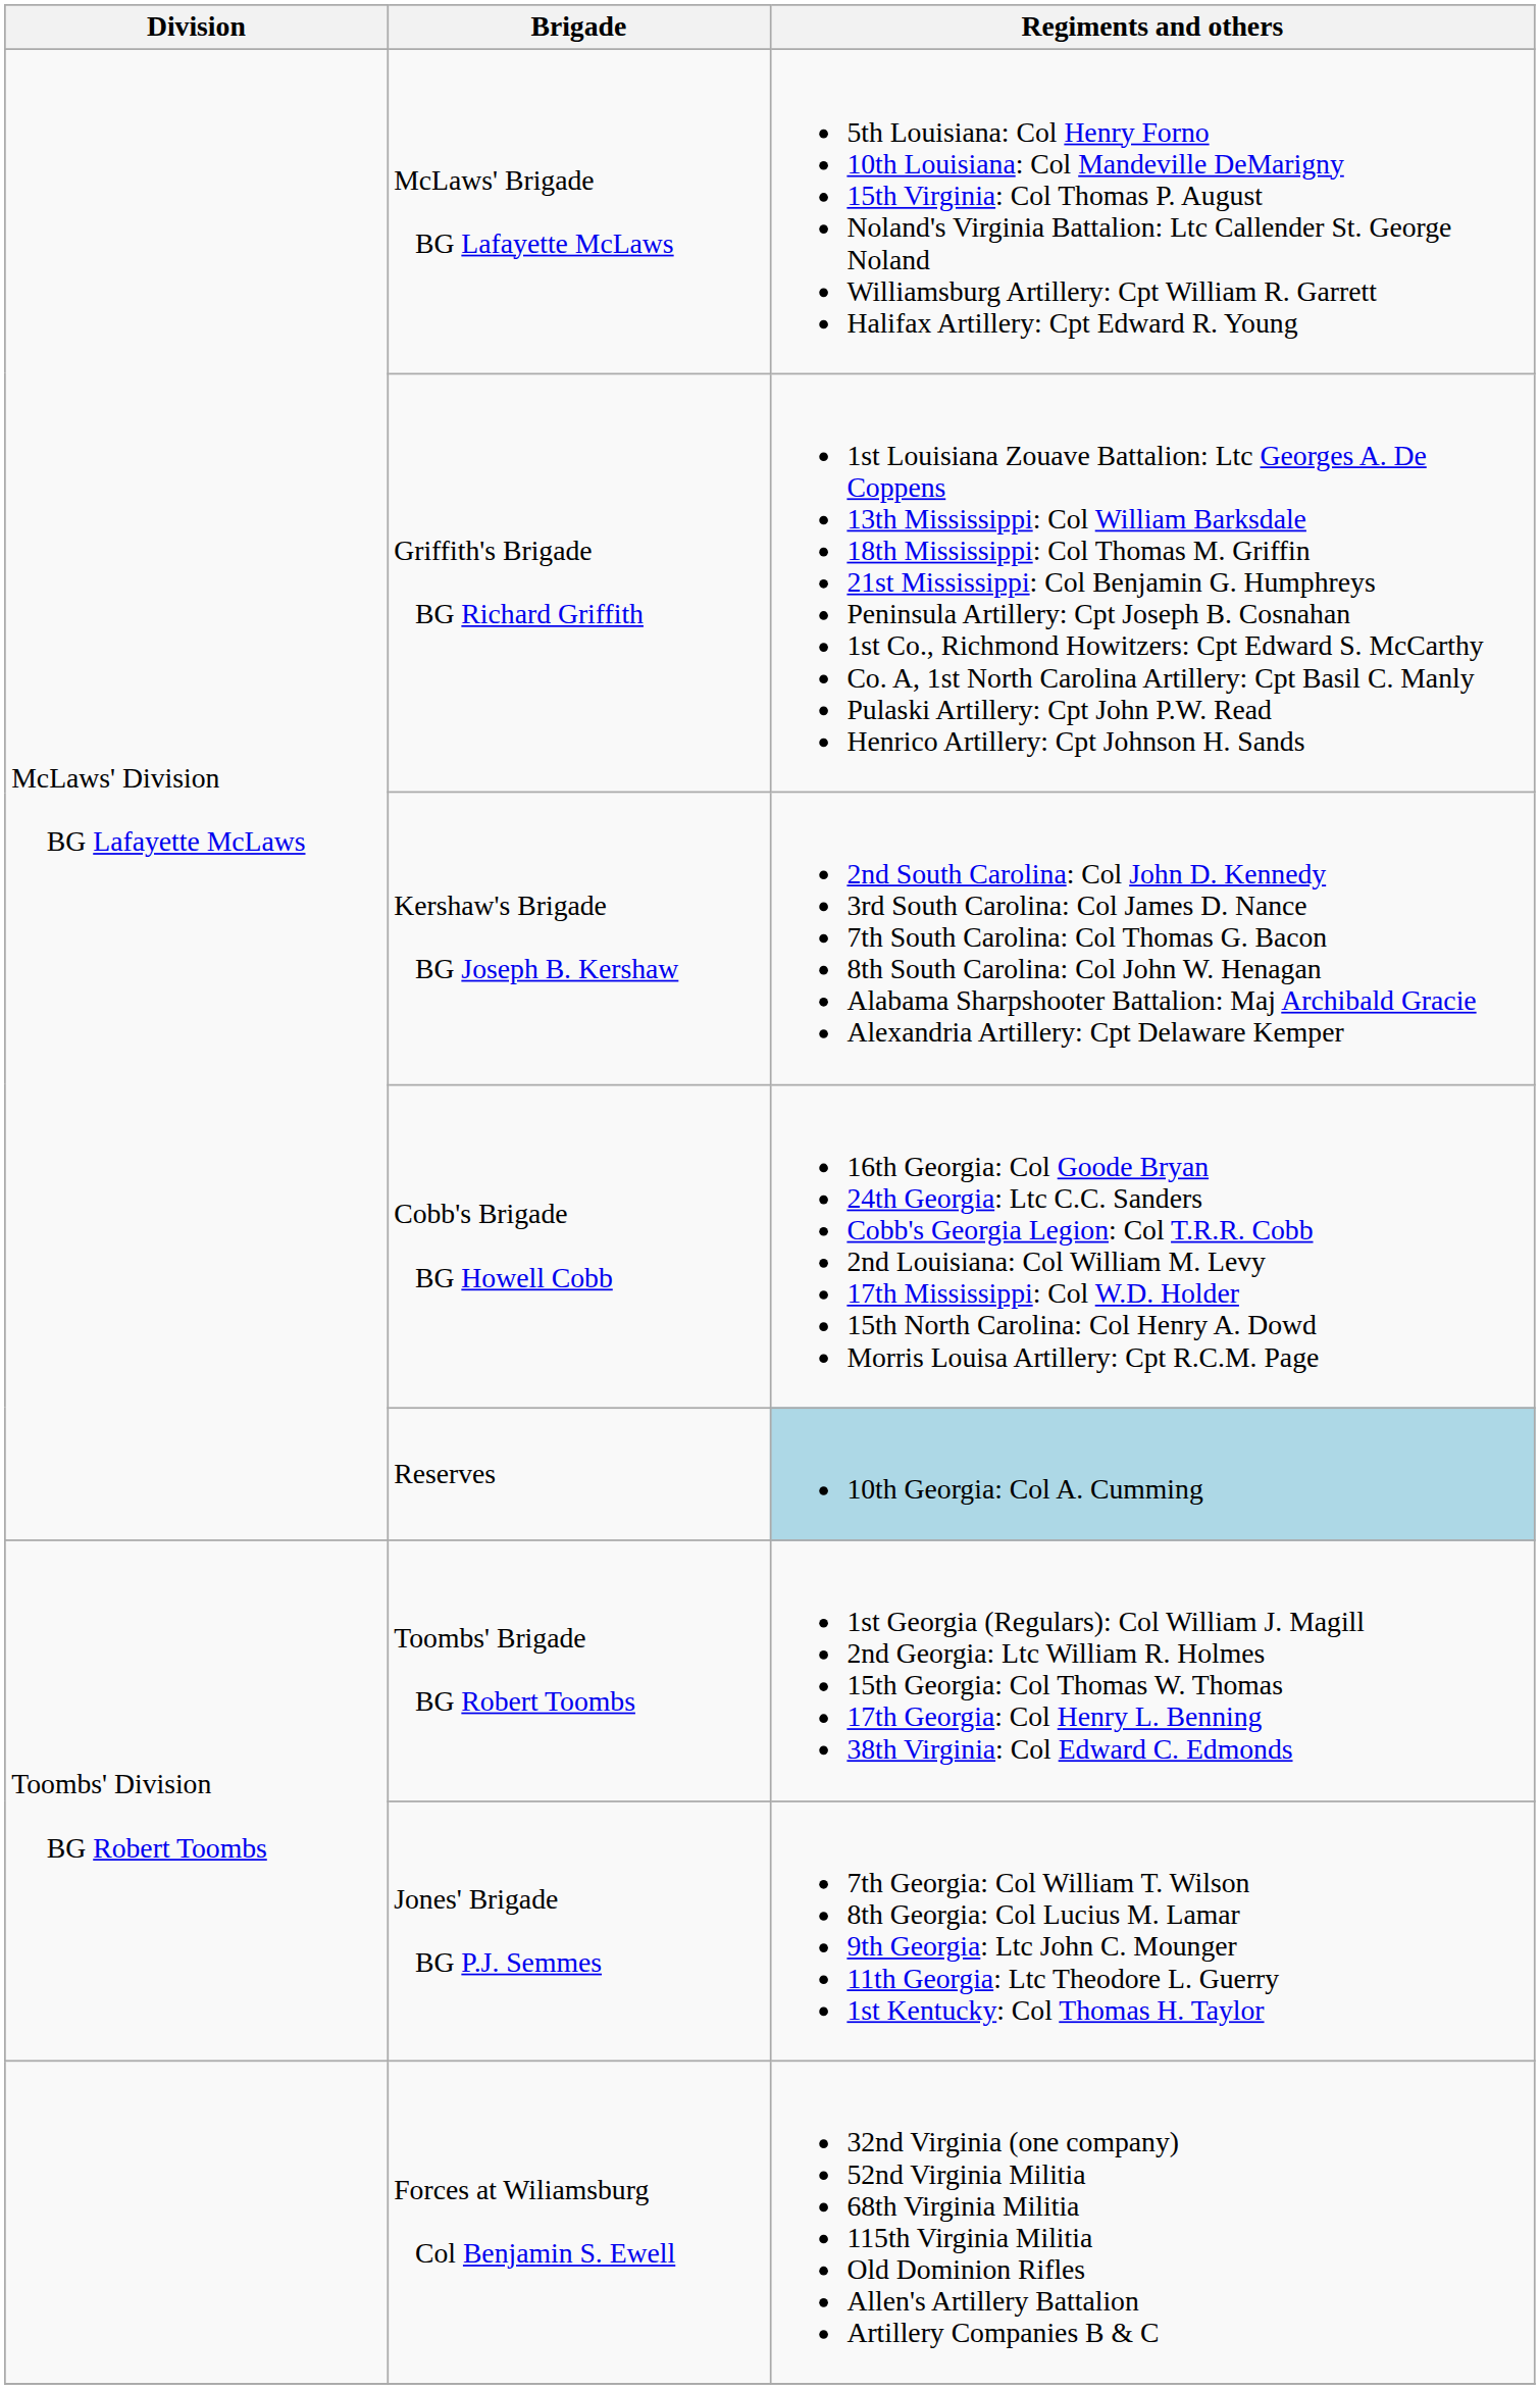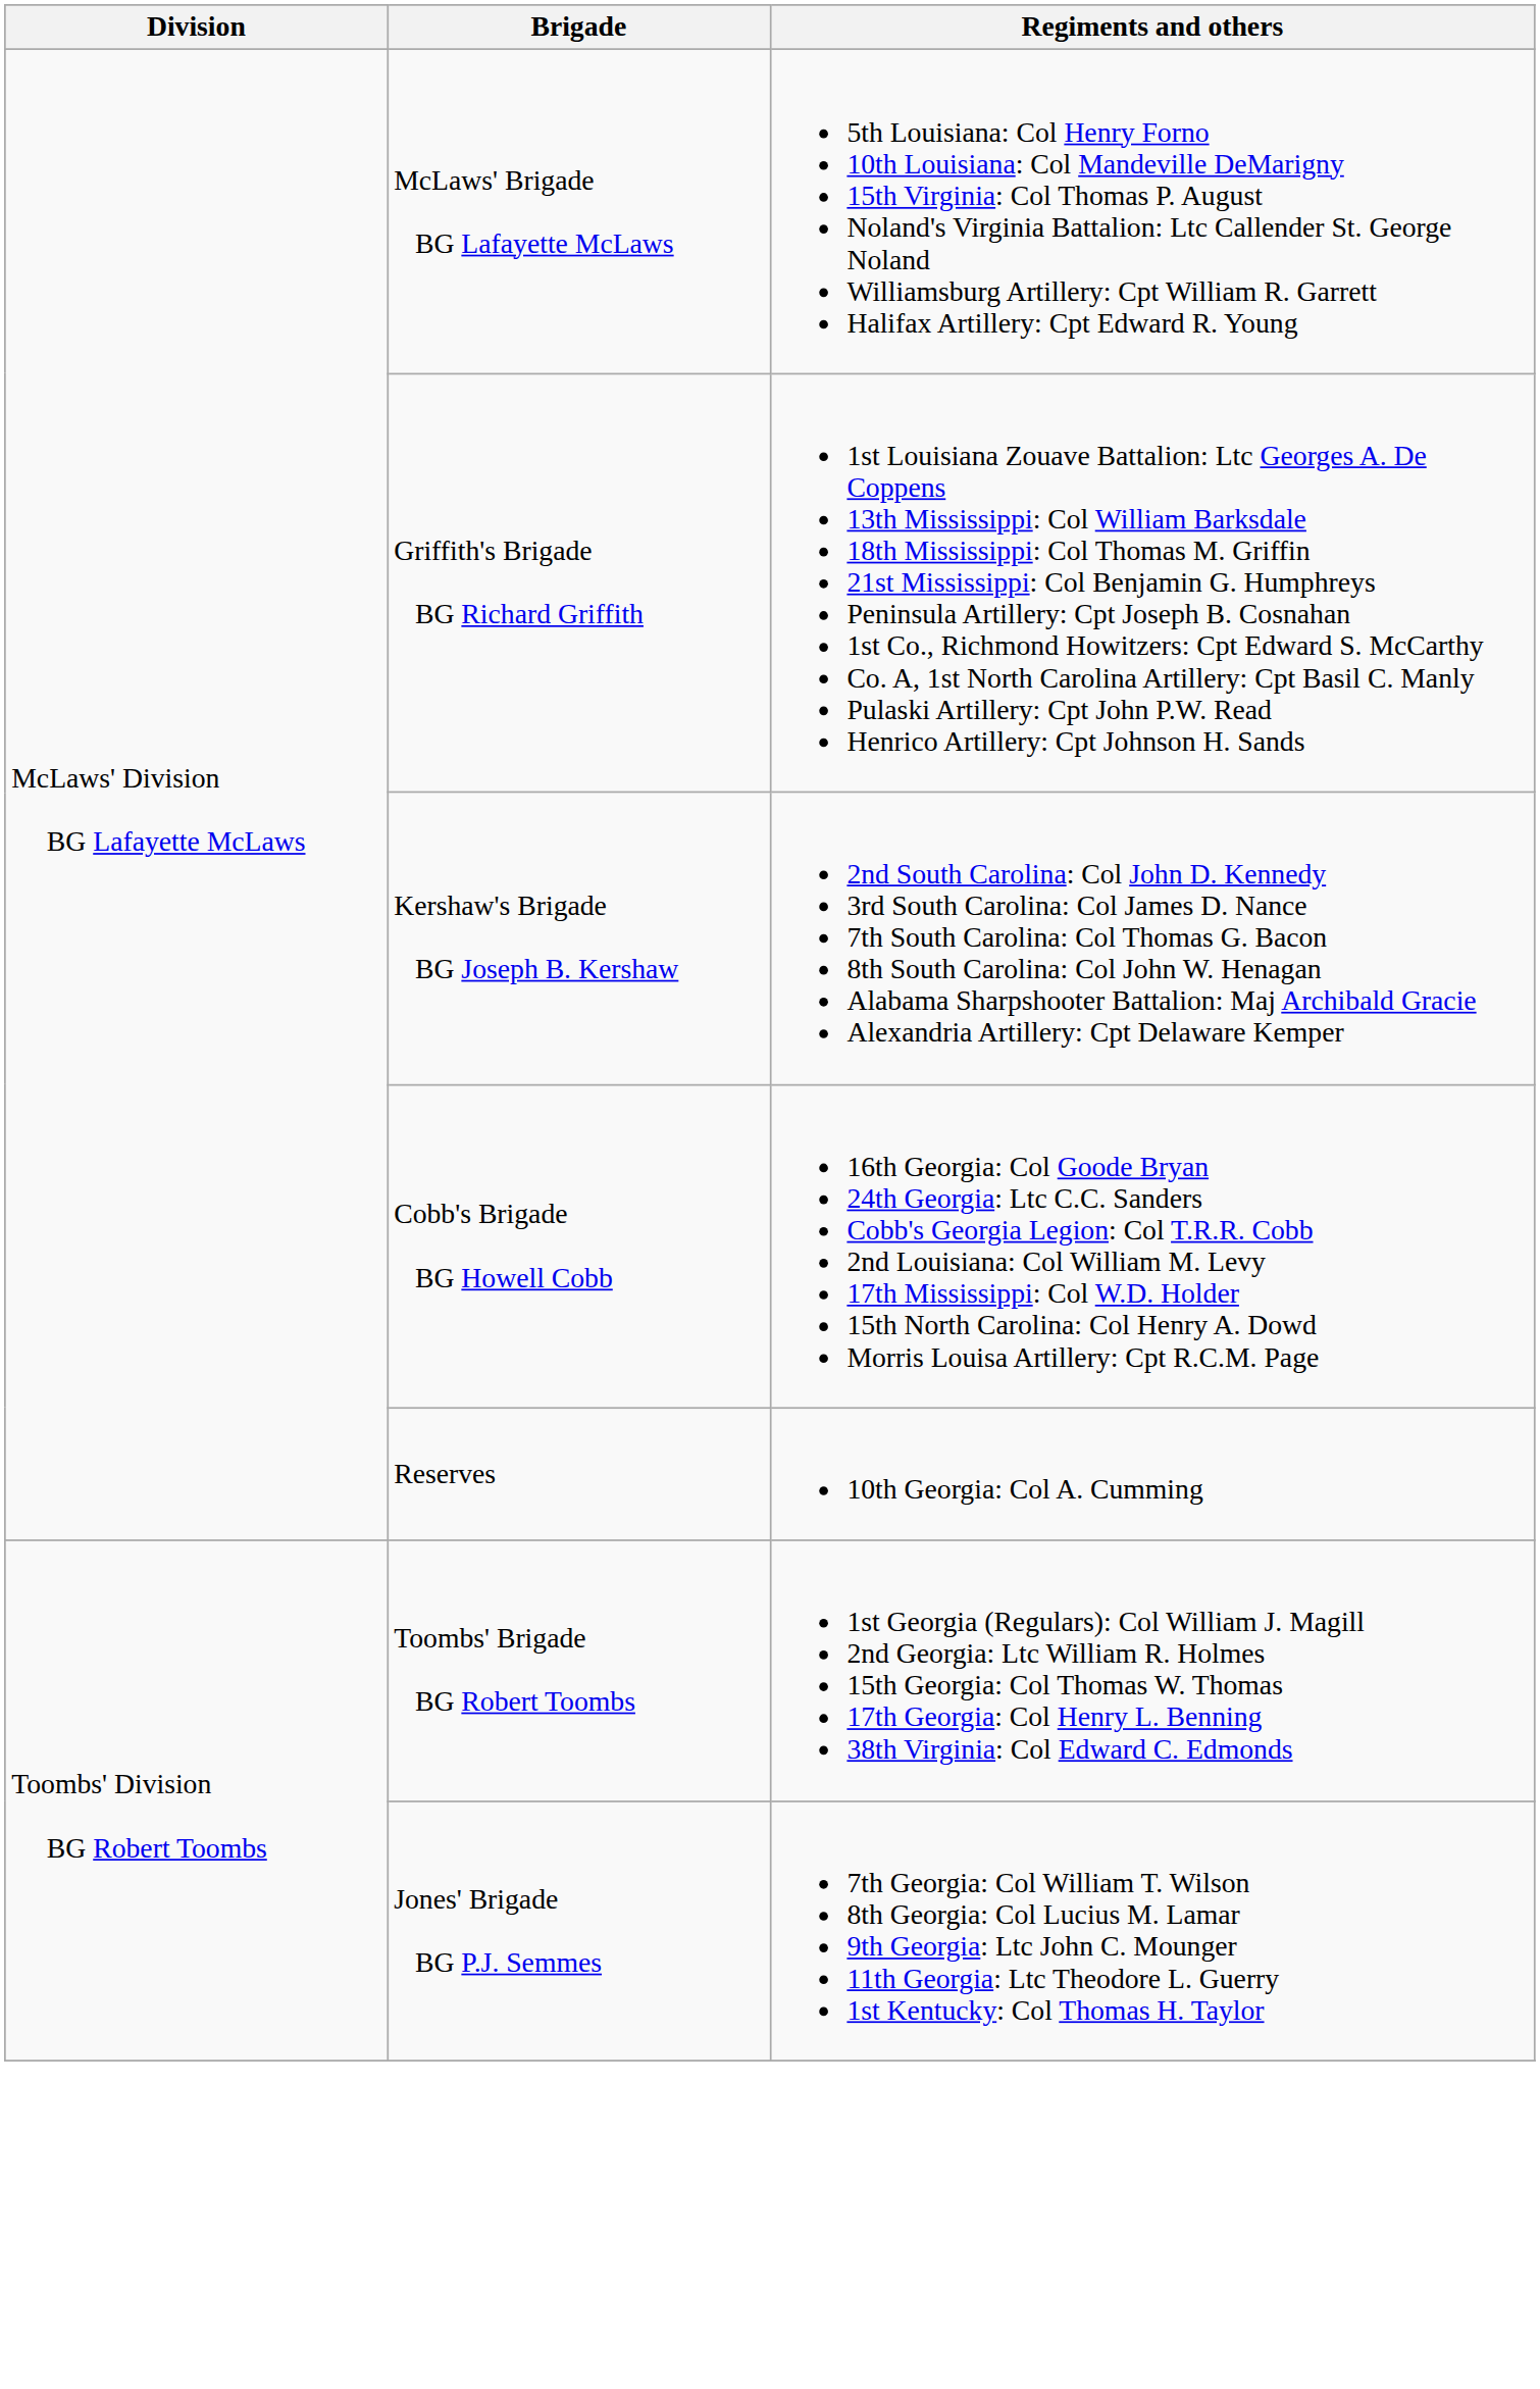 <table class="wikitable">
 <tr>
 <th width=25%>Division</th>
 <th width=25%>Brigade</th>
 <th>Regiments and others</th>
 </tr>
 <tr>
 <td rowspan=5><br>McLaws' Division<br><br>     BG <a href='#'>Lafayette McLaws</a></td>
 <td>McLaws' Brigade<br><br>   BG <a href='#'>Lafayette McLaws</a></td>
 <td><br><ul><li>5th Louisiana: Col <a href='#'>Henry Forno</a></li><li><a href='#'>10th Louisiana</a>: Col <a href='#'>Mandeville DeMarigny</a></li><li><a href='#'>15th Virginia</a>: Col Thomas P. August</li><li>Noland's Virginia Battalion: Ltc Callender St. George Noland</li><li>Williamsburg Artillery: Cpt William R. Garrett</li><li>Halifax Artillery: Cpt Edward R. Young</li></ul></td>
 </tr>
 <tr>
 <td>Griffith's Brigade<br><br>   BG <a href='#'>Richard Griffith</a></td>
 <td><br><ul><li>1st Louisiana Zouave Battalion: Ltc <a href='#'>Georges A. De Coppens</a></li><li><a href='#'>13th Mississippi</a>: Col <a href='#'>William Barksdale</a></li><li><a href='#'>18th Mississippi</a>: Col Thomas M. Griffin</li><li><a href='#'>21st Mississippi</a>: Col Benjamin G. Humphreys</li><li>Peninsula Artillery: Cpt Joseph B. Cosnahan</li><li>1st Co., Richmond Howitzers: Cpt Edward S. McCarthy</li><li>Co. A, 1st North Carolina Artillery: Cpt Basil C. Manly</li><li>Pulaski Artillery: Cpt John P.W. Read</li><li>Henrico Artillery: Cpt Johnson H. Sands</li></ul></td>
 </tr>
 <tr>
 <td>Kershaw's Brigade<br><br>   BG <a href='#'>Joseph B. Kershaw</a></td>
 <td><br><ul><li><a href='#'>2nd South Carolina</a>: Col <a href='#'>John D. Kennedy</a></li><li>3rd South Carolina: Col James D. Nance</li><li>7th South Carolina: Col Thomas G. Bacon</li><li>8th South Carolina: Col John W. Henagan</li><li>Alabama Sharpshooter Battalion: Maj <a href='#'>Archibald Gracie</a></li><li>Alexandria Artillery: Cpt Delaware Kemper</li></ul></td>
 </tr>
 <tr>
 <td>Cobb's Brigade<br><br>   BG <a href='#'>Howell Cobb</a></td>
 <td><br><ul><li>16th Georgia: Col <a href='#'>Goode Bryan</a></li><li><a href='#'>24th Georgia</a>: Ltc C.C. Sanders</li><li><a href='#'>Cobb's Georgia Legion</a>: Col <a href='#'>T.R.R. Cobb</a></li><li>2nd Louisiana: Col William M. Levy</li><li><a href='#'>17th Mississippi</a>: Col <a href='#'>W.D. Holder</a></li><li>15th North Carolina: Col Henry A. Dowd</li><li>Morris Louisa Artillery: Cpt R.C.M. Page</li></ul></td>
 </tr>
 <tr>
 <td>Reserves</td>
-<td style="background: lightblue;"><br><ul><li>10th Georgia: Col A. Cumming</li></ul></td>
+<td><br><ul><li>10th Georgia: Col A. Cumming</li></ul></td>
 </tr>
 <tr>
 <td rowspan=2><br>Toombs' Division<br><br>     BG <a href='#'>Robert Toombs</a></td>
 <td>Toombs' Brigade<br><br>   BG <a href='#'>Robert Toombs</a></td>
 <td><br><ul><li>1st Georgia (Regulars): Col William J. Magill</li><li>2nd Georgia: Ltc William R. Holmes</li><li>15th Georgia: Col Thomas W. Thomas</li><li><a href='#'>17th Georgia</a>: Col <a href='#'>Henry L. Benning</a></li><li><a href='#'>38th Virginia</a>: Col <a href='#'>Edward C. Edmonds</a></li></ul></td>
 </tr>
 <tr>
 <td>Jones' Brigade<br><br>   BG <a href='#'>P.J. Semmes</a></td>
 <td><br><ul><li>7th Georgia: Col William T. Wilson</li><li>8th Georgia: Col Lucius M. Lamar</li><li><a href='#'>9th Georgia</a>: Ltc John C. Mounger</li><li><a href='#'>11th Georgia</a>: Ltc Theodore L. Guerry</li><li><a href='#'>1st Kentucky</a>: Col <a href='#'>Thomas H. Taylor</a></li></ul></td>
 </tr>
 <tr>
-<td></td>
-<td>Forces at Wiliamsburg<br><br>   Col <a href='#'>Benjamin S. Ewell</a></td>
-<td><br><ul><li>32nd Virginia (one company)</li><li>52nd Virginia Militia</li><li>68th Virginia Militia</li><li>115th Virginia Militia</li><li>Old Dominion Rifles</li><li>Allen's Artillery Battalion</li><li>Artillery Companies B & C</li></ul></td>
-</tr>
-<tr>
 </tr>
 </table>
